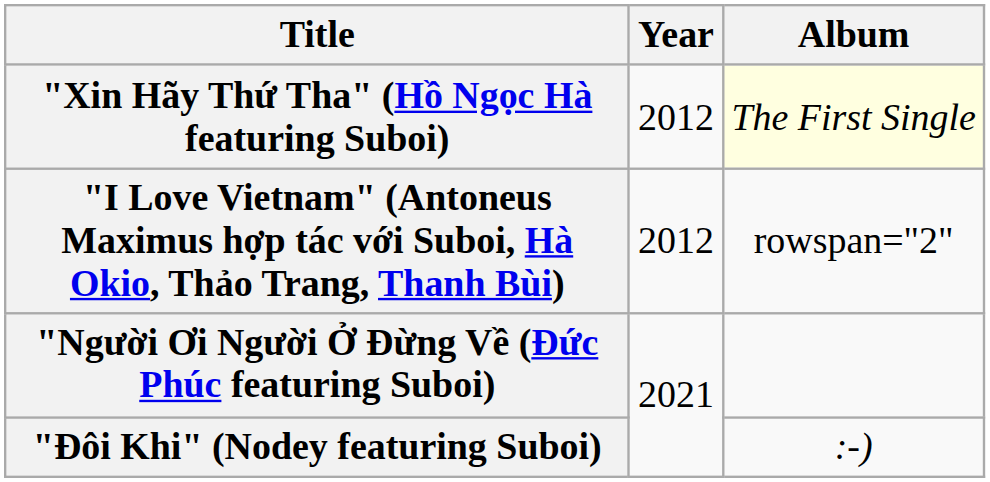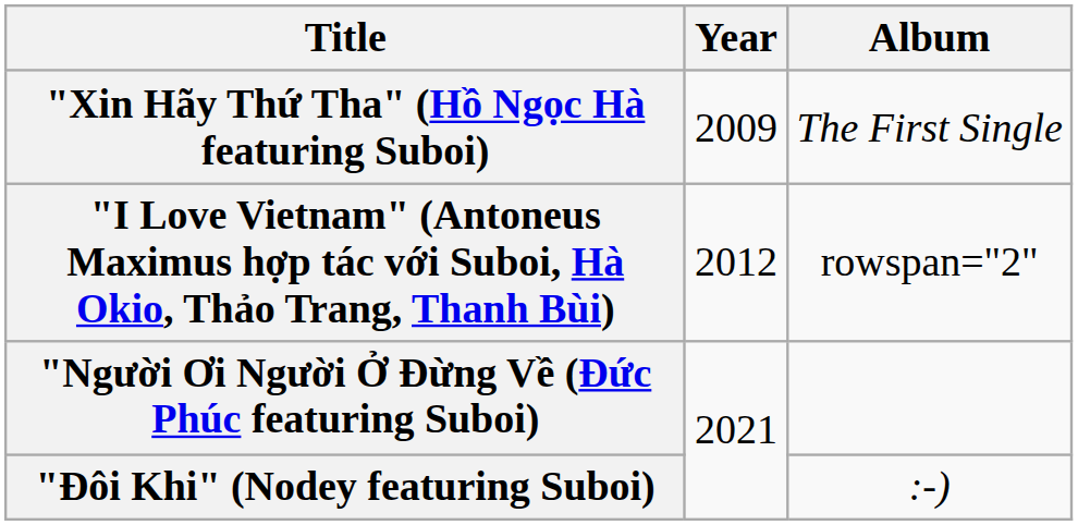 <table class="wikitable plainrowheaders" style="text-align:center;">
 <tr>
 <th style="width:16em;" scope="col">Title</th>
 <th scope="col">Year</th>
 <th scope="col">Album</th>
 </tr>
 <tr>
 <th scope="row">"Xin Hãy Thứ Tha" <span>(<a href='#'>Hồ Ngọc Hà</a> featuring Suboi)</span></th>
-<td>2012</td>
-<td style="background: lightyellow;"><em>The First Single</em></td>
+<td>2009</td>
+<td><em>The First Single</em></td>
 </tr>
 <tr>
 <th scope="row">"I Love Vietnam" <span>(Antoneus Maximus hợp tác với Suboi, <a href='#'>Hà Okio</a>, Thảo Trang, <a href='#'>Thanh Bùi</a>)</span></th>
 <td>2012</td>
 <td>rowspan="2" </td>
 </tr>
 <tr>
 <th scope="row">"Người Ơi Người Ở Đừng Về <span>(<a href='#'>Đức Phúc</a> featuring Suboi)</span></th>
 <td rowspan="2">2021</td>
 </tr>
 <tr>
 <th scope="row">"Đôi Khi" <span>(Nodey featuring Suboi)</span></th>
 <td><em>:-)</em></td>
 </tr>
 </table>
